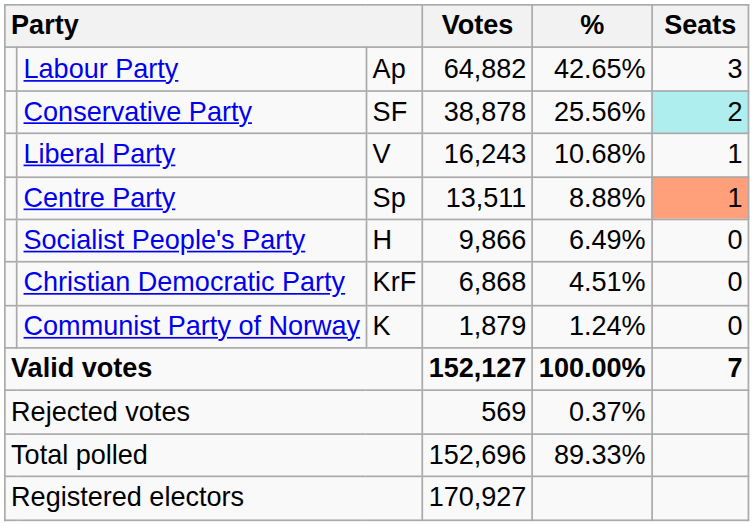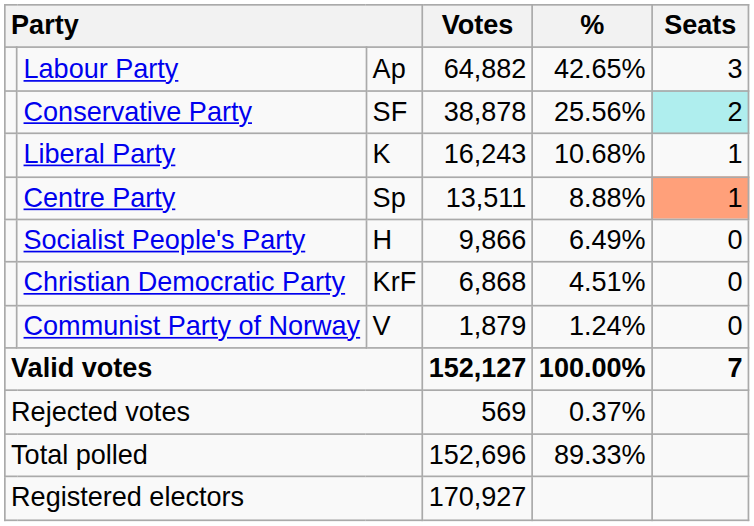 <table class="wikitable" border="1" style="text-align:right;">
 <tr>
 <th style="text-align:left;" colspan=3>Party</th>
 <th align=center width="50">Votes</th>
 <th align=center width="50">%</th>
 <th align=center width="50">Seats</th>
 </tr>
 <tr>
 <td style="color:inherit;background:"></td>
 <td align=left><a href='#'>Labour Party</a></td>
 <td align=left>Ap</td>
 <td>64,882</td>
 <td>42.65%</td>
 <td>3</td>
 </tr>
 <tr>
 <td style="color:inherit;background:"></td>
 <td align=left><a href='#'>Conservative Party</a></td>
 <td align=left>SF</td>
 <td>38,878</td>
 <td>25.56%</td>
 <td style="background: paleturquoise;">2</td>
 </tr>
 <tr>
 <td style="color:inherit;background:"></td>
 <td align=left><a href='#'>Liberal Party</a></td>
-<td align=left>V</td>
+<td align=left>K</td>
 <td>16,243</td>
 <td>10.68%</td>
 <td>1</td>
 </tr>
 <tr>
 <td style="color:inherit;background:"></td>
 <td align=left><a href='#'>Centre Party</a></td>
 <td align=left>Sp</td>
 <td>13,511</td>
 <td>8.88%</td>
 <td style="background: lightsalmon;">1</td>
 </tr>
 <tr>
 <td style="color:inherit;background:"></td>
 <td align=left><a href='#'>Socialist People's Party</a></td>
 <td align=left>H</td>
 <td>9,866</td>
 <td>6.49%</td>
 <td>0</td>
 </tr>
 <tr>
 <td style="color:inherit;background:"></td>
 <td align=left><a href='#'>Christian Democratic Party</a></td>
 <td align=left>KrF</td>
 <td>6,868</td>
 <td>4.51%</td>
 <td>0</td>
 </tr>
 <tr>
 <td style="color:inherit;background:"></td>
 <td align=left><a href='#'>Communist Party of Norway</a></td>
-<td align=left>K</td>
+<td align=left>V</td>
 <td>1,879</td>
 <td>1.24%</td>
 <td>0</td>
 </tr>
 <tr style="font-weight:bold">
 <td align=left colspan=3>Valid votes</td>
 <td>152,127</td>
 <td>100.00%</td>
 <td>7</td>
 </tr>
 <tr>
 <td align=left colspan=3>Rejected votes</td>
 <td>569</td>
 <td>0.37%</td>
 <td></td>
 </tr>
 <tr>
 <td align=left colspan=3>Total polled</td>
 <td>152,696</td>
 <td>89.33%</td>
 <td></td>
 </tr>
 <tr>
 <td align=left colspan=3>Registered electors</td>
 <td>170,927</td>
 <td></td>
 <td></td>
 </tr>
 </table>
